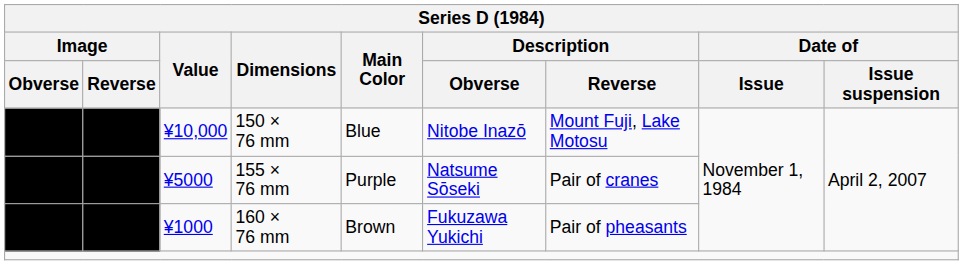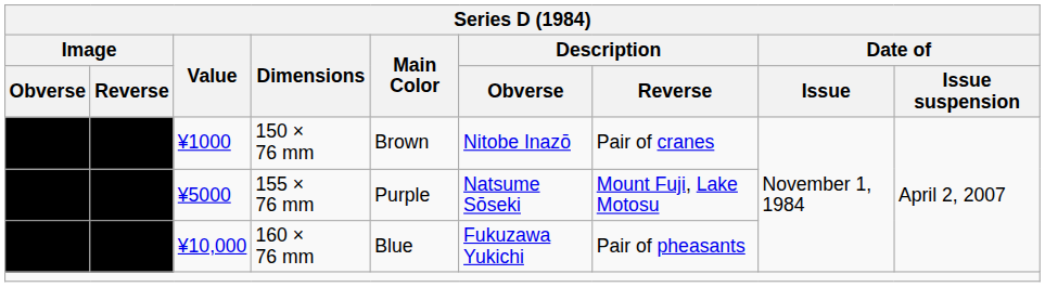 <table class="wikitable">
 <tr>
 <th colspan="9">Series D (1984)</th>
 </tr>
 <tr>
 <th colspan="2">Image</th>
 <th rowspan="2">Value</th>
 <th rowspan="2">Dimensions</th>
 <th rowspan="2">Main Color</th>
 <th colspan="2">Description</th>
 <th colspan="2">Date of</th>
 </tr>
 <tr>
 <th>Obverse</th>
 <th>Reverse</th>
 <th>Obverse</th>
 <th>Reverse</th>
 <th>Issue</th>
 <th>Issue suspension</th>
 </tr>
 <tr>
 <td style="text-align:center; background:#000;"></td>
 <td style="text-align:center; background:#000;"></td>
-<td><a href='#'>¥10,000</a></td>
+<td><a href='#'>¥1000</a></td>
 <td>150 × 76 mm</td>
-<td>Blue</td>
+<td>Brown</td>
 <td><a href='#'>Nitobe Inazō</a></td>
-<td><a href='#'>Mount Fuji</a>, <a href='#'>Lake Motosu</a></td>
+<td>Pair of <a href='#'>cranes</a></td>
 <td rowspan="3">November 1, 1984</td>
 <td rowspan="3">April 2, 2007</td>
 </tr>
 <tr>
 <td style="text-align:center; background:#000;"></td>
 <td style="text-align:center; background:#000;"></td>
 <td><a href='#'>¥5000</a></td>
 <td>155 × 76 mm</td>
 <td>Purple</td>
 <td><a href='#'>Natsume Sōseki</a></td>
-<td>Pair of <a href='#'>cranes</a></td>
+<td><a href='#'>Mount Fuji</a>, <a href='#'>Lake Motosu</a></td>
 </tr>
 <tr>
 <td style="text-align:center; background:#000;"></td>
 <td style="text-align:center; background:#000;"></td>
-<td><a href='#'>¥1000</a></td>
+<td><a href='#'>¥10,000</a></td>
 <td>160 × 76 mm</td>
-<td>Brown</td>
+<td>Blue</td>
 <td><a href='#'>Fukuzawa Yukichi</a></td>
 <td>Pair of <a href='#'>pheasants</a></td>
 </tr>
 <tr>
 <td colspan="9"></td>
 </tr>
 </table>
